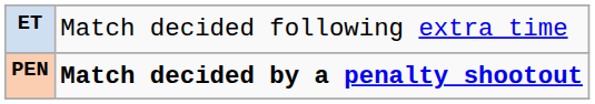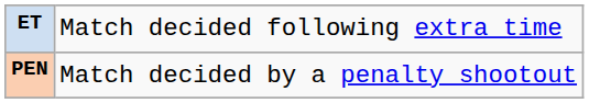 <table class="wikitable plainrowheaders">
 <tr>
 <th scope="row" style="text-align:center; background:#CEDFF2"><sup>ET</sup></th>
 <td>Match decided following <a href='#'>extra time</a></td>
 </tr>
 <tr>
 <th scope="row" style="text-align:center; background:#FBCEB1"><sup>PEN</sup></th>
-<td><strong>Match decided by a <a href='#'>penalty shootout</a></strong></td>
+<td>Match decided by a <a href='#'>penalty shootout</a></td>
 </tr>
 </table>
